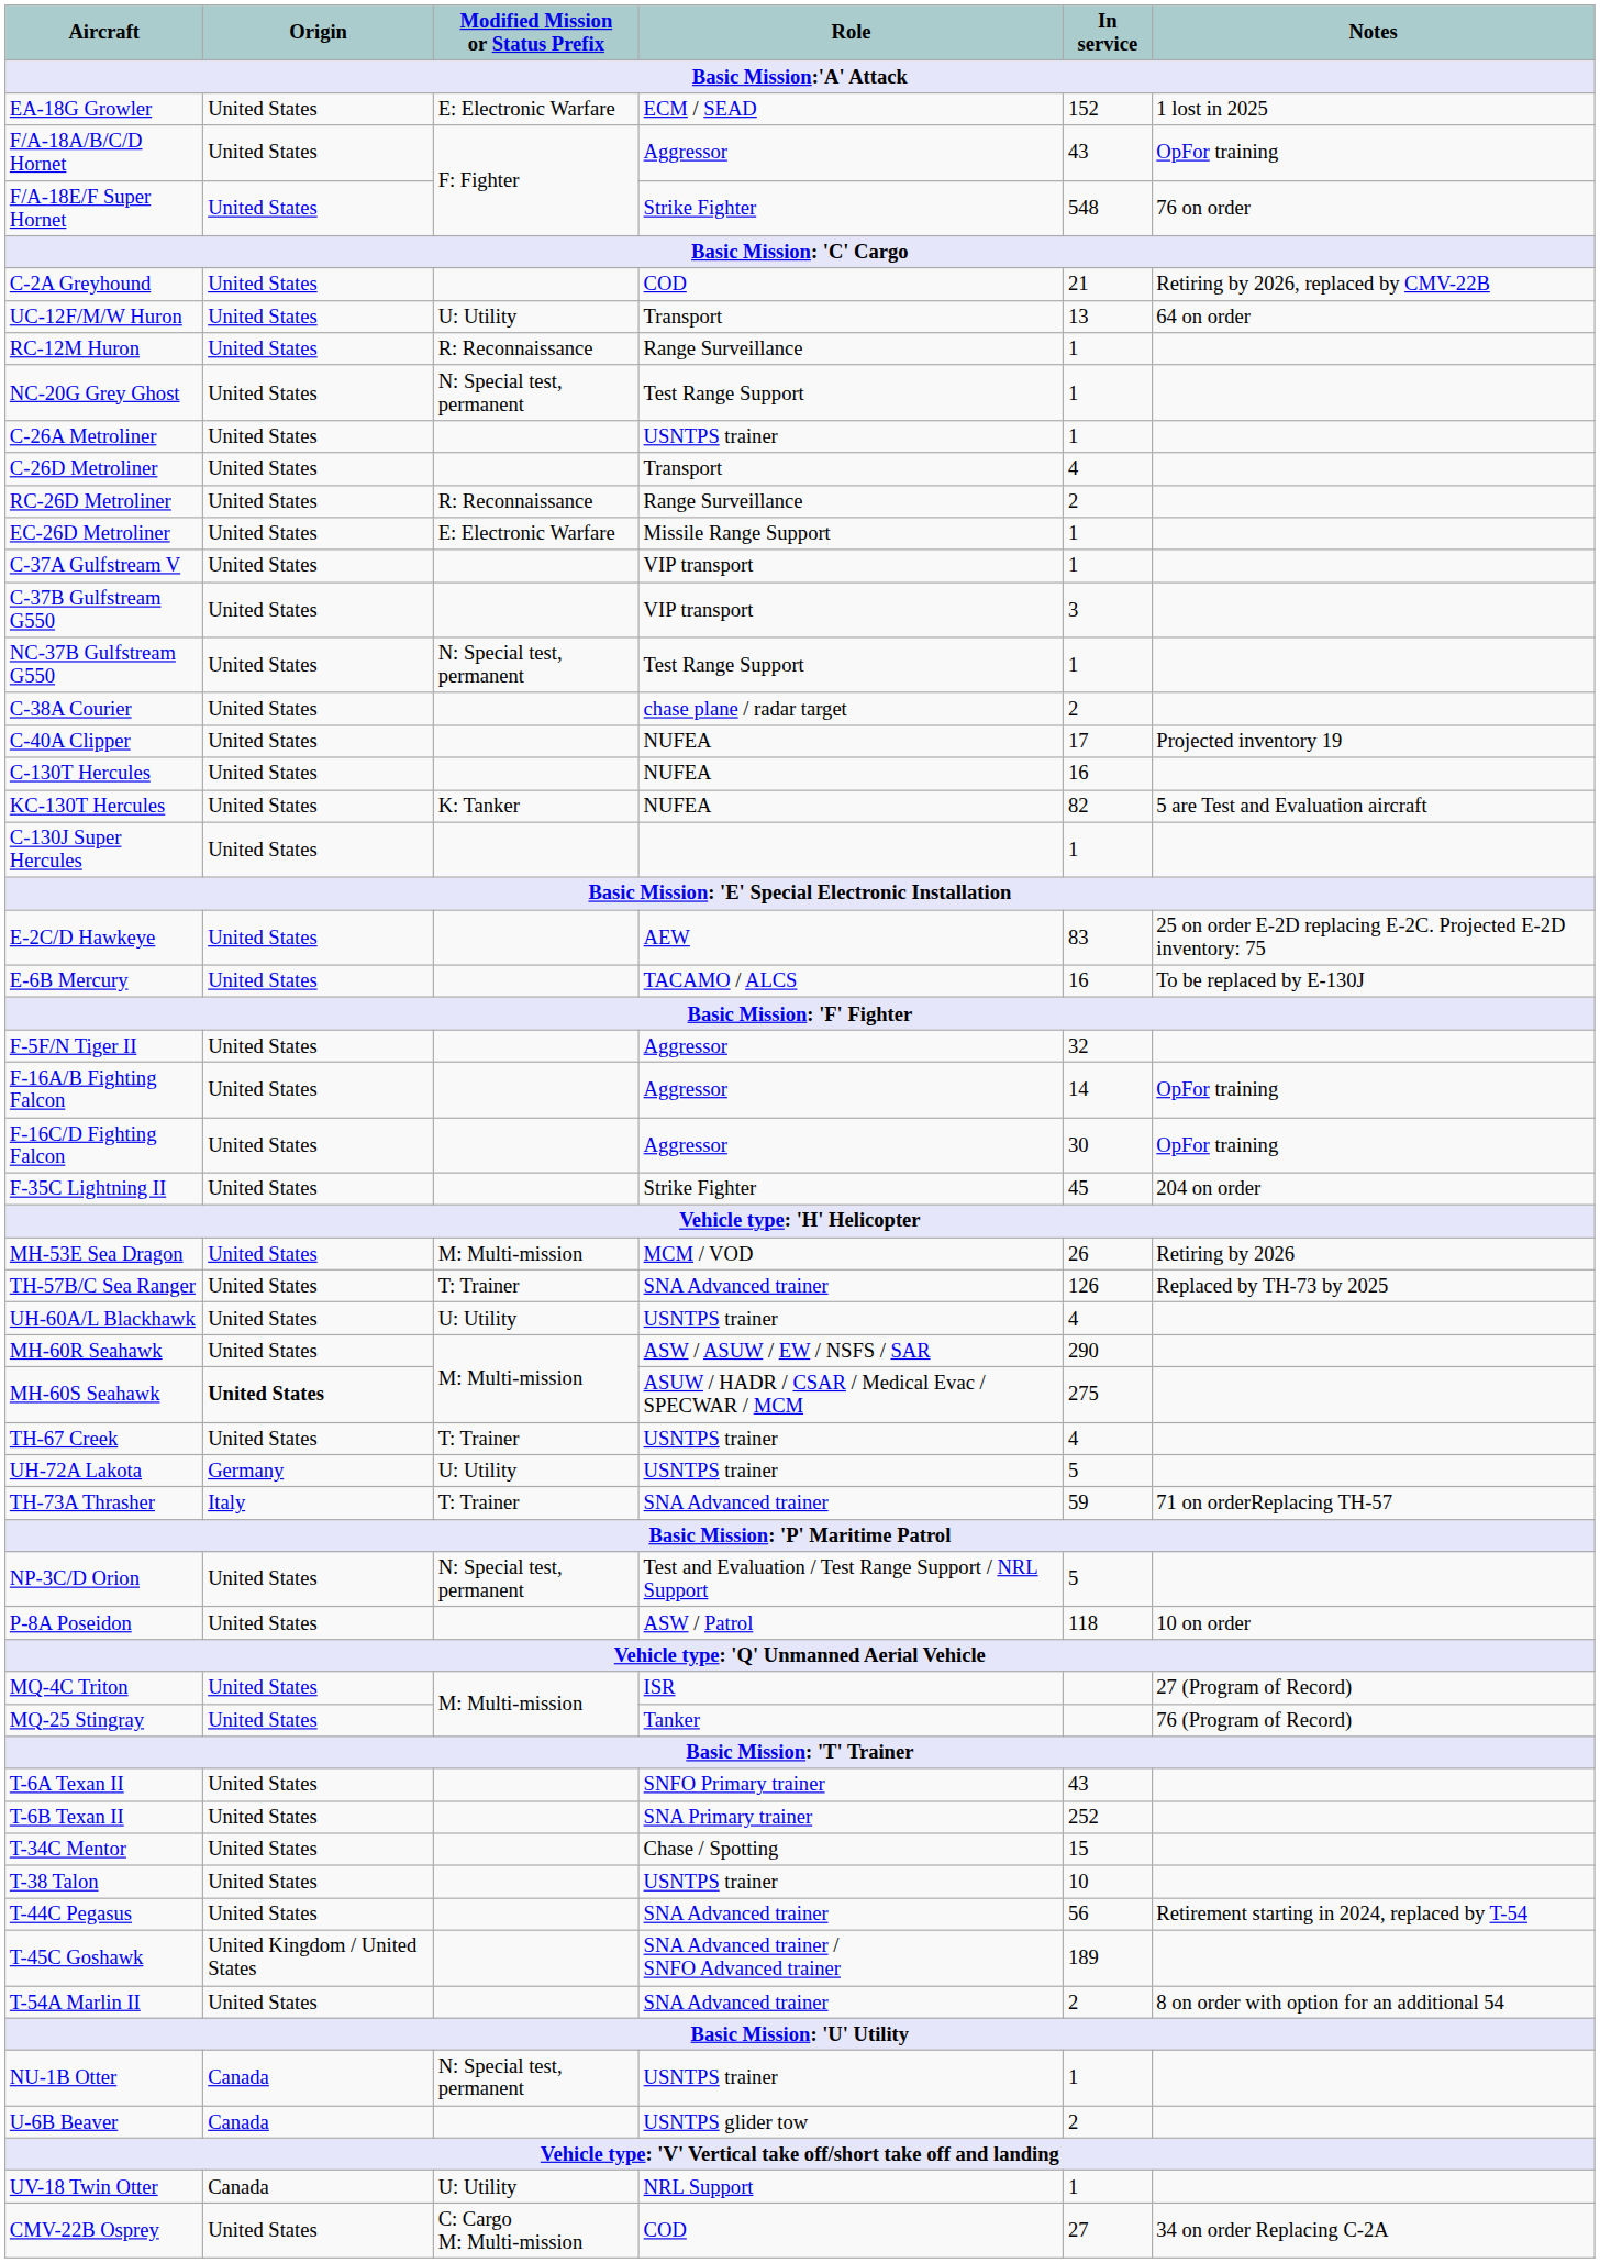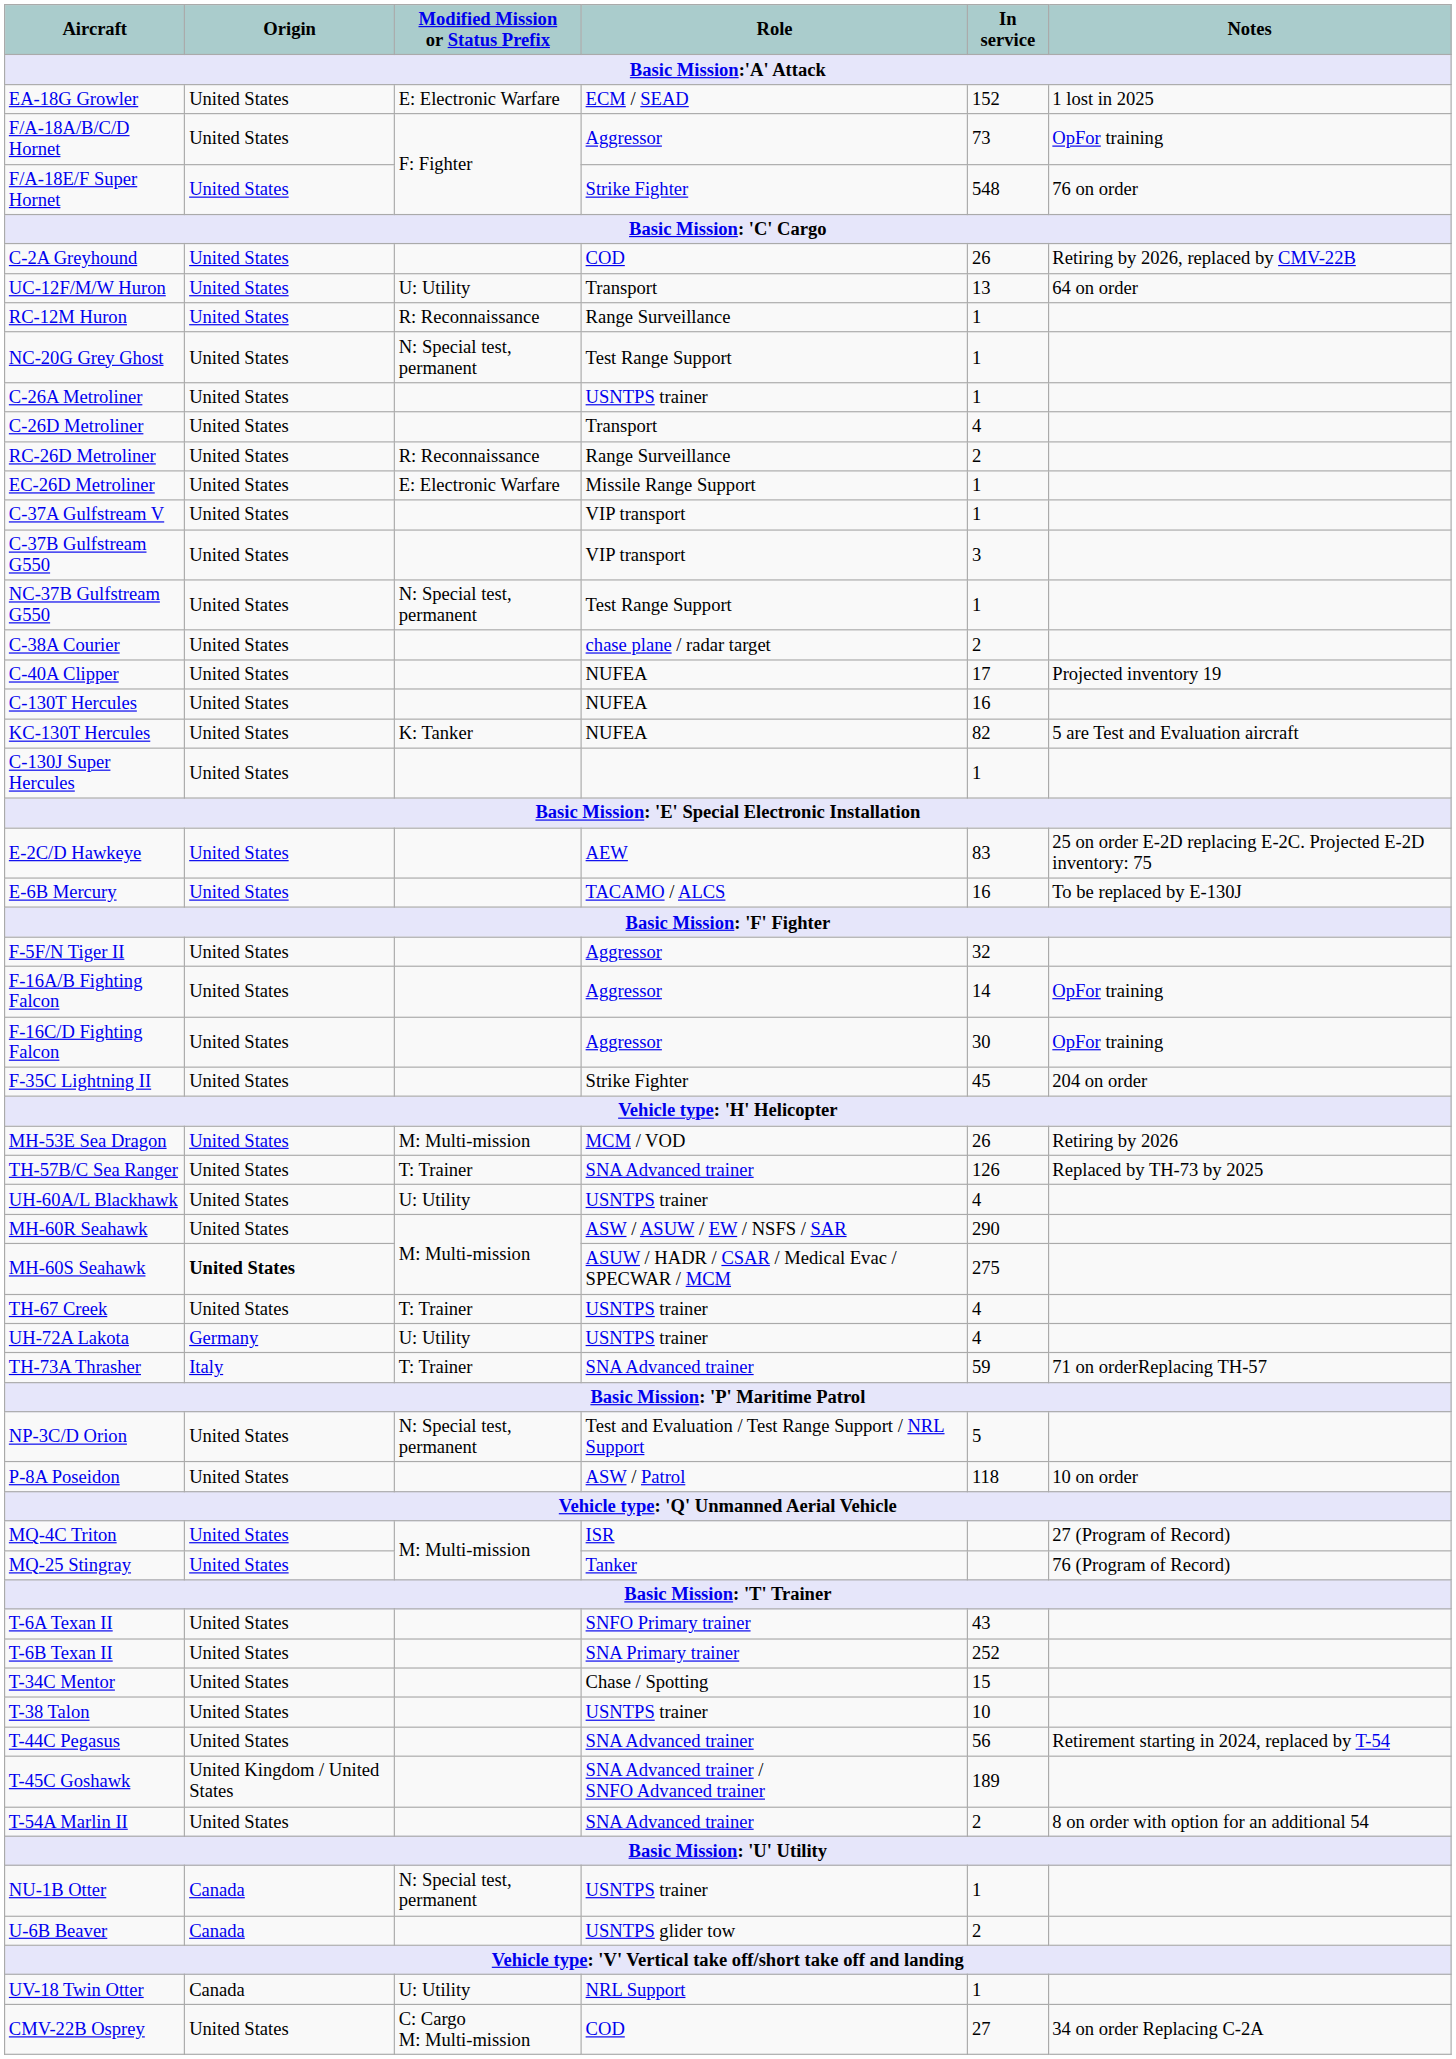 <table class="wikitable">
 <tr>
 <th style="text-align:center; background:#acc;">Aircraft</th>
 <th style="text-align: center; background:#acc;">Origin</th>
 <th style="text-align:l center; background:#acc;"><a href='#'>Modified Mission</a><br>or <a href='#'>Status Prefix</a></th>
 <th style="text-align:center; background:#acc;">Role</th>
 <th style="text-align:center; background:#acc;">In service</th>
 <th style="text-align: center; background:#acc;">Notes</th>
 </tr>
 <tr>
 <th style="align: center; background: lavender;" colspan="6"><a href='#'>Basic Mission</a>:'A' Attack</th>
 </tr>
 <tr>
 <td><a href='#'>EA-18G Growler</a></td>
 <td>United States</td>
 <td>E: Electronic Warfare</td>
 <td><a href='#'>ECM</a> / <a href='#'>SEAD</a></td>
 <td>152</td>
 <td>1 lost in 2025</td>
 </tr>
 <tr>
 <td><a href='#'>F/A-18A/B/C/D Hornet</a></td>
 <td>United States</td>
 <td Rowspan="2">F: Fighter</td>
 <td><a href='#'>Aggressor</a></td>
-<td>43</td>
+<td>73</td>
 <td><a href='#'>OpFor</a> training</td>
 </tr>
 <tr>
 <td><a href='#'>F/A-18E/F Super Hornet</a></td>
 <td><a href='#'>United States</a></td>
 <td><a href='#'>Strike Fighter</a></td>
 <td>548</td>
 <td>76 on order</td>
 </tr>
 <tr>
 <th style="align: center; background: lavender;" colspan="6"><a href='#'>Basic Mission</a>: 'C' Cargo</th>
 </tr>
 <tr>
 <td><a href='#'>C-2A Greyhound</a></td>
 <td><a href='#'>United States</a></td>
 <td></td>
 <td><a href='#'>COD</a></td>
-<td>21</td>
+<td>26</td>
 <td>Retiring by 2026, replaced by <a href='#'>CMV-22B</a></td>
 </tr>
 <tr>
 <td><a href='#'>UC-12F/M/W Huron</a></td>
 <td><a href='#'>United States</a></td>
 <td>U: Utility</td>
 <td>Transport</td>
 <td>13</td>
 <td>64 on order</td>
 </tr>
 <tr>
 <td><a href='#'>RC-12M Huron</a></td>
 <td><a href='#'>United States</a></td>
 <td>R: Reconnaissance</td>
 <td>Range Surveillance</td>
 <td>1</td>
 <td></td>
 </tr>
 <tr>
 <td><a href='#'>NC-20G Grey Ghost</a></td>
 <td>United States</td>
 <td>N: Special test, permanent</td>
 <td>Test Range Support</td>
 <td>1</td>
 <td></td>
 </tr>
 <tr>
 <td><a href='#'>C-26A Metroliner</a></td>
 <td>United States</td>
 <td></td>
 <td><a href='#'>USNTPS</a> trainer</td>
 <td>1</td>
 <td></td>
 </tr>
 <tr>
 <td><a href='#'>C-26D Metroliner</a></td>
 <td>United States</td>
 <td></td>
 <td>Transport</td>
 <td>4</td>
 <td></td>
 </tr>
 <tr>
 <td><a href='#'>RC-26D Metroliner</a></td>
 <td>United States</td>
 <td>R: Reconnaissance</td>
 <td>Range Surveillance</td>
 <td>2</td>
 <td></td>
 </tr>
 <tr>
 <td><a href='#'>EC-26D Metroliner</a></td>
 <td>United States</td>
 <td>E: Electronic Warfare</td>
 <td>Missile Range Support</td>
 <td>1</td>
 <td></td>
 </tr>
 <tr>
 <td><a href='#'>C-37A Gulfstream V</a></td>
 <td>United States</td>
 <td></td>
 <td>VIP transport</td>
 <td>1</td>
 <td></td>
 </tr>
 <tr>
 <td><a href='#'>C-37B Gulfstream G550</a></td>
 <td>United States</td>
 <td></td>
 <td>VIP transport</td>
 <td>3</td>
 <td></td>
 </tr>
 <tr>
 <td><a href='#'>NC-37B Gulfstream G550</a></td>
 <td>United States</td>
 <td>N: Special test, permanent</td>
 <td>Test Range Support</td>
 <td>1</td>
 <td></td>
 </tr>
 <tr>
 <td><a href='#'>C-38A Courier</a></td>
 <td>United States</td>
 <td></td>
 <td><a href='#'>chase plane</a> / radar target</td>
 <td>2</td>
 <td></td>
 </tr>
 <tr>
 <td><a href='#'>C-40A Clipper</a></td>
 <td>United States</td>
 <td></td>
 <td>NUFEA</td>
 <td>17</td>
 <td>Projected inventory 19</td>
 </tr>
 <tr>
 <td><a href='#'>C-130T Hercules</a></td>
 <td>United States</td>
 <td></td>
 <td>NUFEA</td>
 <td>16</td>
 <td></td>
 </tr>
 <tr>
 <td><a href='#'>KC-130T Hercules</a></td>
 <td>United States</td>
 <td>K: Tanker</td>
 <td>NUFEA</td>
 <td>82</td>
 <td>5 are Test and Evaluation aircraft</td>
 </tr>
 <tr>
 <td><a href='#'>C-130J Super Hercules</a></td>
 <td>United States</td>
 <td></td>
 <td></td>
 <td>1</td>
 <td></td>
 </tr>
 <tr>
 <th style="align: center; background: lavender;" colspan="6"><a href='#'>Basic Mission</a>: 'E' Special Electronic Installation</th>
 </tr>
 <tr>
 <td><a href='#'>E-2C/D Hawkeye</a></td>
 <td><a href='#'>United States</a></td>
 <td></td>
 <td><a href='#'>AEW</a></td>
 <td>83</td>
 <td>25 on order E-2D replacing E-2C. Projected E-2D inventory: 75</td>
 </tr>
 <tr>
 <td><a href='#'>E-6B Mercury</a></td>
 <td><a href='#'>United States</a></td>
 <td></td>
 <td><a href='#'>TACAMO</a> / <a href='#'>ALCS</a></td>
 <td>16</td>
 <td>To be replaced by E-130J</td>
 </tr>
 <tr>
 <th style="align: center; background: lavender;" colspan="6"><a href='#'>Basic Mission</a>: 'F' Fighter</th>
 </tr>
 <tr>
 <td><a href='#'>F-5F/N Tiger II</a></td>
 <td>United States</td>
 <td></td>
 <td><a href='#'>Aggressor</a></td>
 <td>32</td>
 <td></td>
 </tr>
 <tr>
 <td><a href='#'>F-16A/B Fighting Falcon</a></td>
 <td>United States</td>
 <td></td>
 <td><a href='#'>Aggressor</a></td>
 <td>14</td>
 <td><a href='#'>OpFor</a> training</td>
 </tr>
 <tr>
 <td><a href='#'>F-16C/D Fighting Falcon</a></td>
 <td>United States</td>
 <td></td>
 <td><a href='#'>Aggressor</a></td>
 <td>30</td>
 <td><a href='#'>OpFor</a> training</td>
 </tr>
 <tr>
 <td><a href='#'>F-35C Lightning II</a></td>
 <td>United States</td>
 <td></td>
 <td>Strike Fighter</td>
 <td>45</td>
 <td>204 on order</td>
 </tr>
 <tr>
 <th style="align: center; background: lavender;" colspan="6"><a href='#'>Vehicle type</a>: 'H' Helicopter</th>
 </tr>
 <tr>
 <td><a href='#'>MH-53E Sea Dragon</a></td>
 <td><a href='#'>United States</a></td>
 <td>M: Multi-mission</td>
 <td><a href='#'>MCM</a> / VOD</td>
 <td>26</td>
 <td>Retiring by 2026</td>
 </tr>
 <tr>
 <td><a href='#'>TH-57B/C Sea Ranger</a></td>
 <td>United States</td>
 <td>T: Trainer</td>
 <td><a href='#'>SNA Advanced trainer</a></td>
 <td>126</td>
 <td>Replaced by TH-73 by 2025</td>
 </tr>
 <tr>
 <td><a href='#'>UH-60A/L Blackhawk</a></td>
 <td>United States</td>
 <td>U: Utility</td>
 <td><a href='#'>USNTPS</a> trainer</td>
 <td>4</td>
 <td></td>
 </tr>
 <tr>
 <td><a href='#'>MH-60R Seahawk</a></td>
 <td>United States</td>
 <td Rowspan="2">M: Multi-mission</td>
 <td><a href='#'>ASW</a> / <a href='#'>ASUW</a> / <a href='#'>EW</a> / NSFS / <a href='#'>SAR</a></td>
 <td>290</td>
 <td></td>
 </tr>
 <tr>
 <td><a href='#'>MH-60S Seahawk</a></td>
 <td><strong>United States</strong></td>
 <td><a href='#'>ASUW</a> / HADR / <a href='#'>CSAR</a> / Medical Evac /  SPECWAR / <a href='#'>MCM</a></td>
 <td>275</td>
 <td></td>
 </tr>
 <tr>
 <td><a href='#'>TH-67 Creek</a></td>
 <td>United States</td>
 <td>T: Trainer</td>
 <td><a href='#'>USNTPS</a> trainer</td>
 <td>4</td>
 <td></td>
 </tr>
 <tr>
 <td><a href='#'>UH-72A Lakota</a></td>
 <td><a href='#'>Germany</a></td>
 <td>U: Utility</td>
 <td><a href='#'>USNTPS</a> trainer</td>
-<td>5</td>
+<td>4</td>
 <td></td>
 </tr>
 <tr>
 <td><a href='#'>TH-73A Thrasher</a></td>
 <td><a href='#'>Italy</a></td>
 <td>T: Trainer</td>
 <td><a href='#'>SNA Advanced trainer</a></td>
 <td>59</td>
 <td>71 on orderReplacing TH-57</td>
 </tr>
 <tr>
 <th style="align: center; background: lavender;" colspan="6"><a href='#'>Basic Mission</a>: 'P' Maritime Patrol</th>
 </tr>
 <tr>
 <td><a href='#'>NP-3C/D Orion</a></td>
 <td>United States</td>
 <td>N: Special test, permanent</td>
 <td>Test and Evaluation / Test Range Support / <a href='#'>NRL Support</a></td>
 <td>5</td>
 <td></td>
 </tr>
 <tr>
 <td><a href='#'>P-8A Poseidon</a></td>
 <td>United States</td>
 <td></td>
 <td><a href='#'>ASW</a> / <a href='#'>Patrol</a></td>
 <td>118</td>
 <td>10 on order</td>
 </tr>
 <tr>
 <th style="align: center; background: lavender;" colspan="6"><a href='#'>Vehicle type</a>: 'Q' Unmanned Aerial Vehicle</th>
 </tr>
 <tr>
 <td><a href='#'>MQ-4C Triton</a></td>
 <td><a href='#'>United States</a></td>
 <td Rowspan="2">M: Multi-mission</td>
 <td><a href='#'>ISR</a></td>
 <td></td>
 <td>27 (Program of Record)</td>
 </tr>
 <tr>
 <td><a href='#'>MQ-25 Stingray</a></td>
 <td><a href='#'>United States</a></td>
 <td><a href='#'>Tanker</a></td>
 <td></td>
 <td>76 (Program of Record)</td>
 </tr>
 <tr>
 <th style="align: center; background: lavender;" colspan="6"><a href='#'>Basic Mission</a>: 'T' Trainer</th>
 </tr>
 <tr>
 <td><a href='#'>T-6A Texan II</a></td>
 <td>United States</td>
 <td></td>
 <td><a href='#'>SNFO Primary trainer</a></td>
 <td>43</td>
 <td></td>
 </tr>
 <tr>
 <td><a href='#'>T-6B Texan II</a></td>
 <td>United States</td>
 <td></td>
 <td><a href='#'>SNA Primary trainer</a></td>
 <td>252</td>
 <td></td>
 </tr>
 <tr>
 <td><a href='#'>T-34C Mentor</a></td>
 <td>United States</td>
 <td></td>
 <td>Chase / Spotting</td>
 <td>15</td>
 <td></td>
 </tr>
 <tr>
 <td><a href='#'>T-38 Talon</a></td>
 <td>United States</td>
 <td></td>
 <td><a href='#'>USNTPS</a> trainer</td>
 <td>10</td>
 <td></td>
 </tr>
 <tr>
 <td><a href='#'>T-44C Pegasus</a></td>
 <td>United States</td>
 <td></td>
 <td><a href='#'>SNA Advanced trainer</a></td>
 <td>56</td>
 <td>Retirement starting in 2024, replaced by <a href='#'>T-54</a></td>
 </tr>
 <tr>
 <td><a href='#'>T-45C Goshawk</a></td>
 <td>United Kingdom / United States</td>
 <td></td>
 <td><a href='#'>SNA Advanced trainer</a> /<br><a href='#'>SNFO Advanced trainer</a></td>
 <td>189</td>
 <td></td>
 </tr>
 <tr>
 <td><a href='#'>T-54A Marlin II</a></td>
 <td>United States</td>
 <td></td>
 <td><a href='#'>SNA Advanced trainer</a></td>
 <td>2</td>
 <td>8 on order with option for an additional 54</td>
 </tr>
 <tr>
 <th style="align: center; background: lavender;" colspan="6"><a href='#'>Basic Mission</a>: 'U' Utility</th>
 </tr>
 <tr>
 <td><a href='#'>NU-1B Otter</a></td>
 <td><a href='#'>Canada</a></td>
 <td>N: Special test, permanent</td>
 <td><a href='#'>USNTPS</a> trainer</td>
 <td>1</td>
 <td></td>
 </tr>
 <tr>
 <td><a href='#'>U-6B Beaver</a></td>
 <td><a href='#'>Canada</a></td>
 <td></td>
 <td><a href='#'>USNTPS</a> glider tow</td>
 <td>2</td>
 <td></td>
 </tr>
 <tr>
 <th style="align: center; background: lavender;" colspan="6"><a href='#'>Vehicle type</a>: 'V' Vertical take off/short take off and landing</th>
 </tr>
 <tr>
 <td><a href='#'>UV-18 Twin Otter</a></td>
 <td>Canada</td>
 <td>U: Utility</td>
 <td><a href='#'>NRL Support</a></td>
 <td>1</td>
 <td></td>
 </tr>
 <tr>
 <td><a href='#'>CMV-22B Osprey</a></td>
 <td>United States</td>
 <td>C: Cargo<br>M: Multi-mission</td>
 <td><a href='#'>COD</a></td>
 <td>27</td>
 <td>34 on order Replacing C-2A</td>
 </tr>
 </table>
